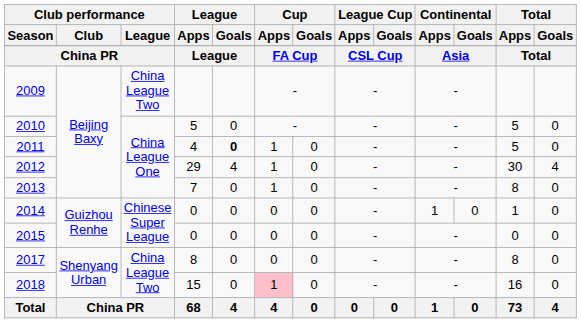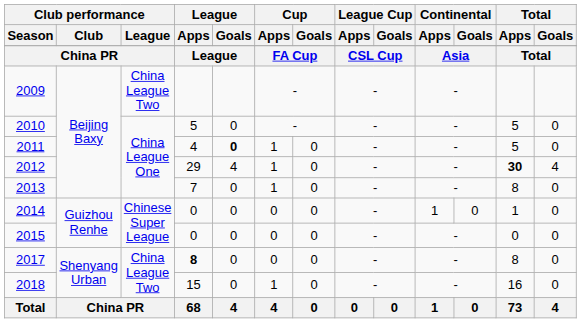 <table class="wikitable" style="text-align:center">
 <tr>
 <th colspan=3>Club performance</th>
 <th colspan=2>League</th>
 <th colspan=2>Cup</th>
 <th colspan=2>League Cup</th>
 <th colspan=2>Continental</th>
 <th colspan=2>Total</th>
 </tr>
 <tr>
 <th>Season</th>
 <th>Club</th>
 <th>League</th>
 <th>Apps</th>
 <th>Goals</th>
 <th>Apps</th>
 <th>Goals</th>
 <th>Apps</th>
 <th>Goals</th>
 <th>Apps</th>
 <th>Goals</th>
 <th>Apps</th>
 <th>Goals</th>
 </tr>
 <tr>
 </tr>
 <tr>
 <th colspan=3>China PR</th>
 <th colspan=2>League</th>
 <th colspan=2><a href='#'>FA Cup</a></th>
 <th colspan=2><a href='#'>CSL Cup</a></th>
 <th colspan=2><a href='#'>Asia</a></th>
 <th colspan=2>Total</th>
 </tr>
 <tr>
 <td><a href='#'>2009</a></td>
 <td rowspan="5"><a href='#'>Beijing Baxy</a></td>
 <td rowspan="1"><a href='#'>China League Two</a></td>
 <td></td>
 <td></td>
 <td colspan="2">-</td>
 <td colspan="2">-</td>
 <td colspan="2">-</td>
 <td></td>
 <td></td>
 </tr>
 <tr>
 <td><a href='#'>2010</a></td>
 <td rowspan="4"><a href='#'>China League One</a></td>
 <td>5</td>
 <td>0</td>
 <td colspan="2">-</td>
 <td colspan="2">-</td>
 <td colspan="2">-</td>
 <td>5</td>
 <td>0</td>
 </tr>
 <tr>
 <td><a href='#'>2011</a></td>
 <td>4</td>
 <td><strong>0</strong></td>
 <td>1</td>
 <td>0</td>
 <td colspan="2">-</td>
 <td colspan="2">-</td>
 <td>5</td>
 <td>0</td>
 </tr>
 <tr>
 <td><a href='#'>2012</a></td>
 <td>29</td>
 <td>4</td>
 <td>1</td>
 <td>0</td>
 <td colspan="2">-</td>
 <td colspan="2">-</td>
-<td>30</td>
+<td><strong>30</strong></td>
 <td>4</td>
 </tr>
 <tr>
 <td><a href='#'>2013</a></td>
 <td>7</td>
 <td>0</td>
 <td>1</td>
 <td>0</td>
 <td colspan="2">-</td>
 <td colspan="2">-</td>
 <td>8</td>
 <td>0</td>
 </tr>
 <tr>
 <td><a href='#'>2014</a></td>
 <td rowspan="2"><a href='#'>Guizhou Renhe</a></td>
 <td rowspan="2"><a href='#'>Chinese Super League</a></td>
 <td>0</td>
 <td>0</td>
 <td>0</td>
 <td>0</td>
 <td colspan="2">-</td>
 <td>1</td>
 <td>0</td>
 <td>1</td>
 <td>0</td>
 </tr>
 <tr>
 <td><a href='#'>2015</a></td>
 <td>0</td>
 <td>0</td>
 <td>0</td>
 <td>0</td>
 <td colspan="2">-</td>
 <td colspan="2">-</td>
 <td>0</td>
 <td>0</td>
 </tr>
 <tr>
 <td><a href='#'>2017</a></td>
 <td rowspan="2"><a href='#'>Shenyang Urban</a></td>
 <td rowspan="2"><a href='#'>China League Two</a></td>
-<td>8</td>
+<td><strong>8</strong></td>
 <td>0</td>
 <td>0</td>
 <td>0</td>
 <td colspan="2">-</td>
 <td colspan="2">-</td>
 <td>8</td>
 <td>0</td>
 </tr>
 <tr>
 <td><a href='#'>2018</a></td>
 <td>15</td>
 <td>0</td>
-<td style="background: pink;">1</td>
+<td>1</td>
 <td>0</td>
 <td colspan="2">-</td>
 <td colspan="2">-</td>
 <td>16</td>
 <td>0</td>
 </tr>
 <tr>
 <th>Total</th>
 <th colspan=2>China PR</th>
 <th>68</th>
 <th>4</th>
 <th>4</th>
 <th>0</th>
 <th>0</th>
 <th>0</th>
 <th>1</th>
 <th>0</th>
 <th>73</th>
 <th>4</th>
 </tr>
 </table>
